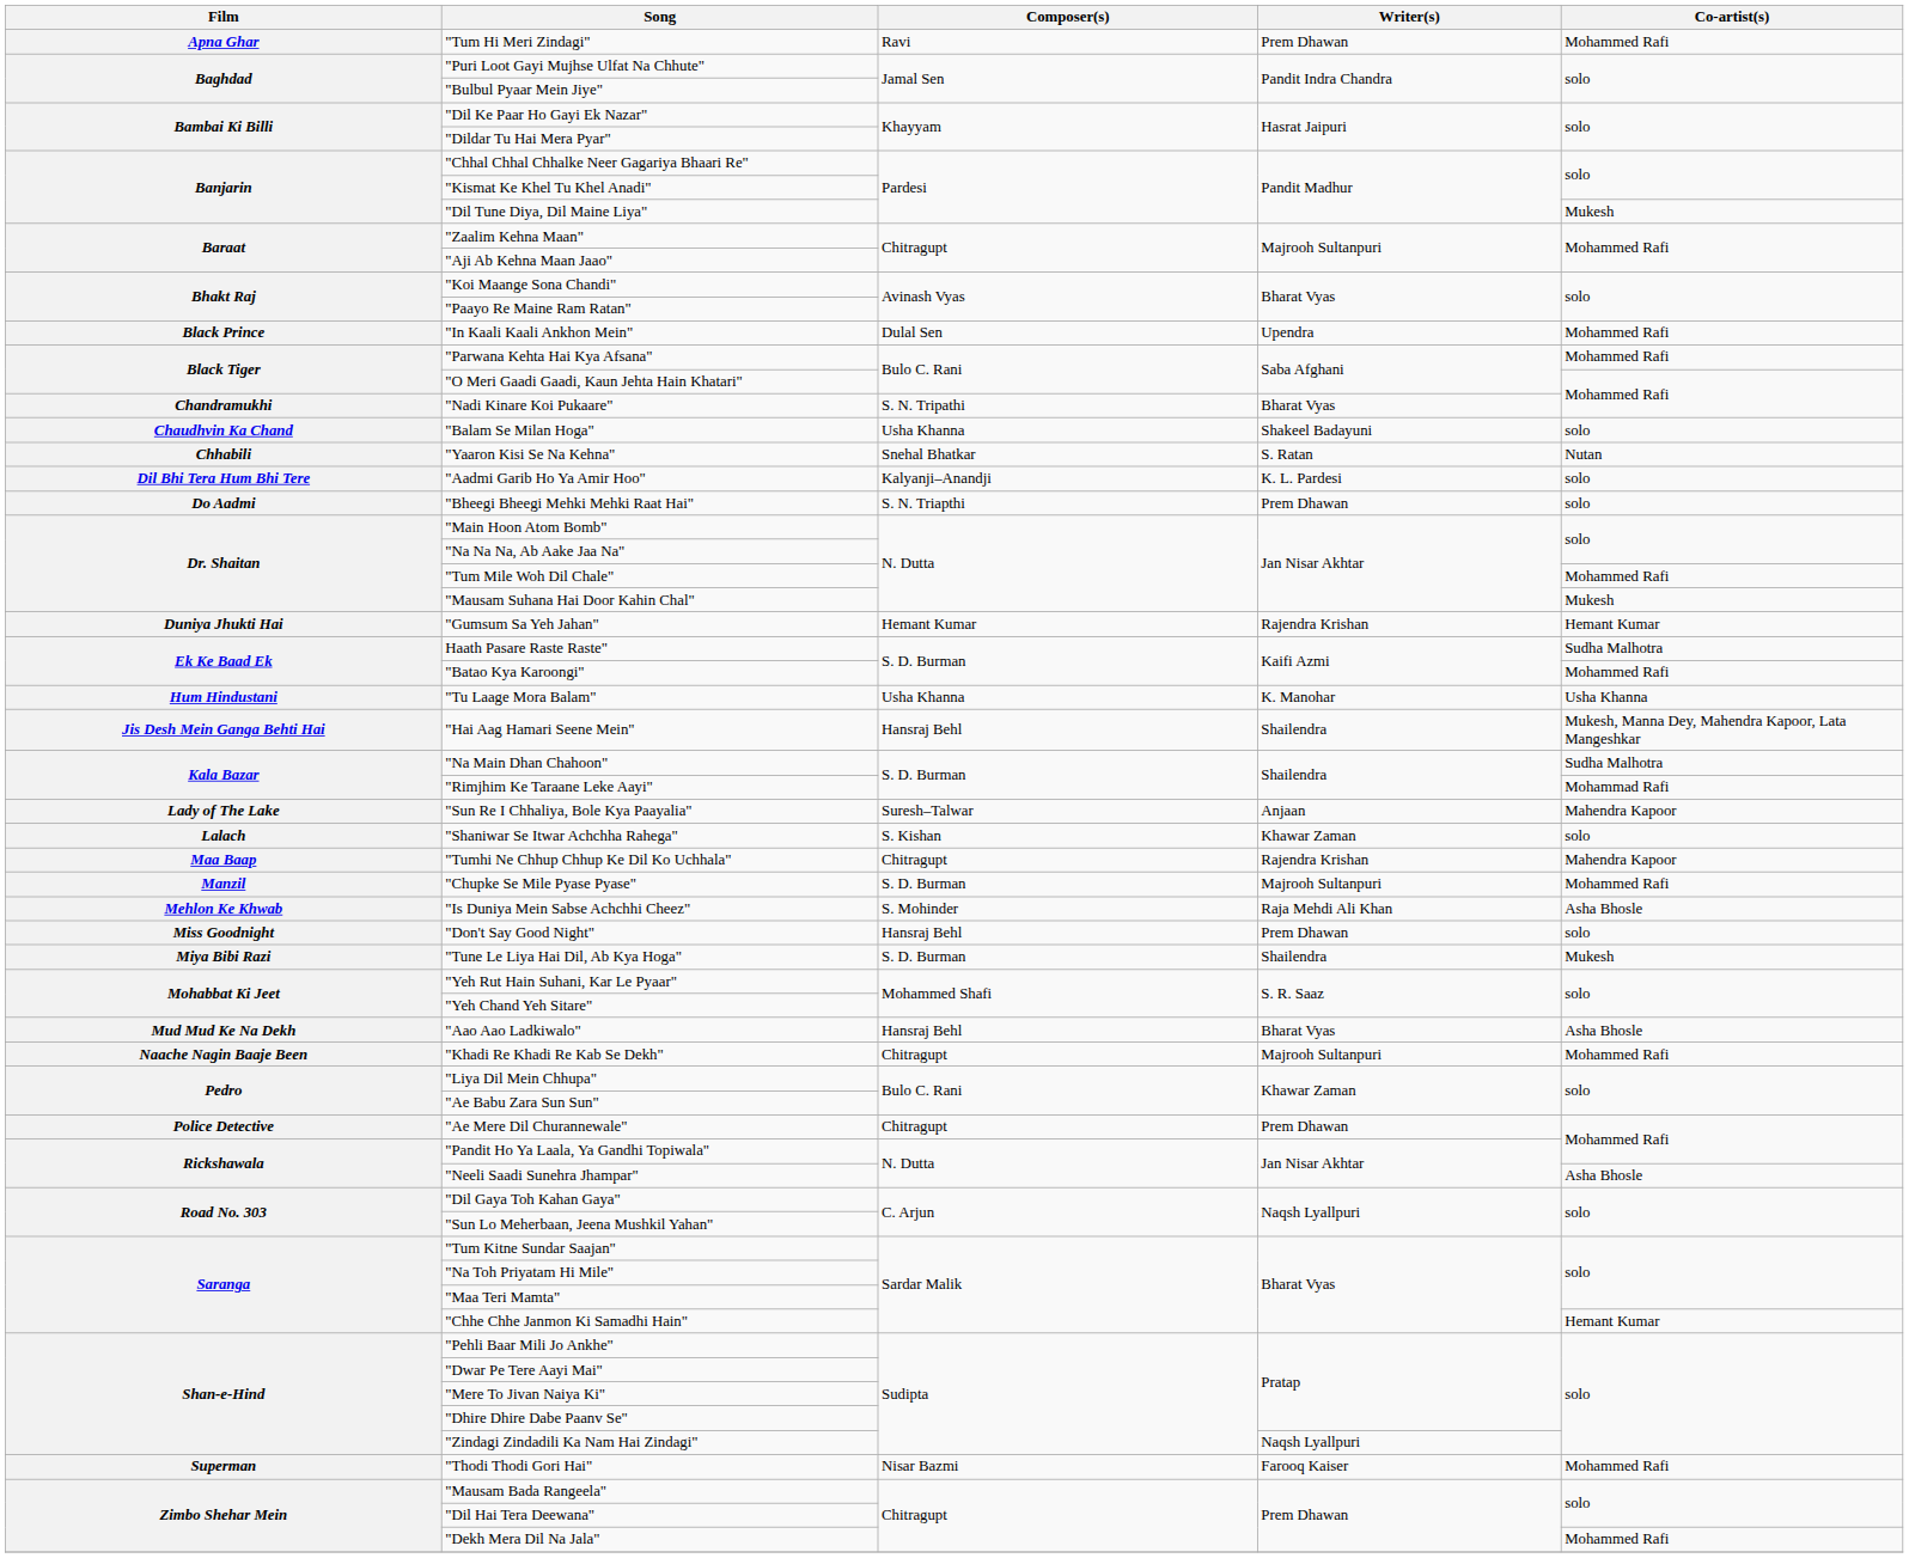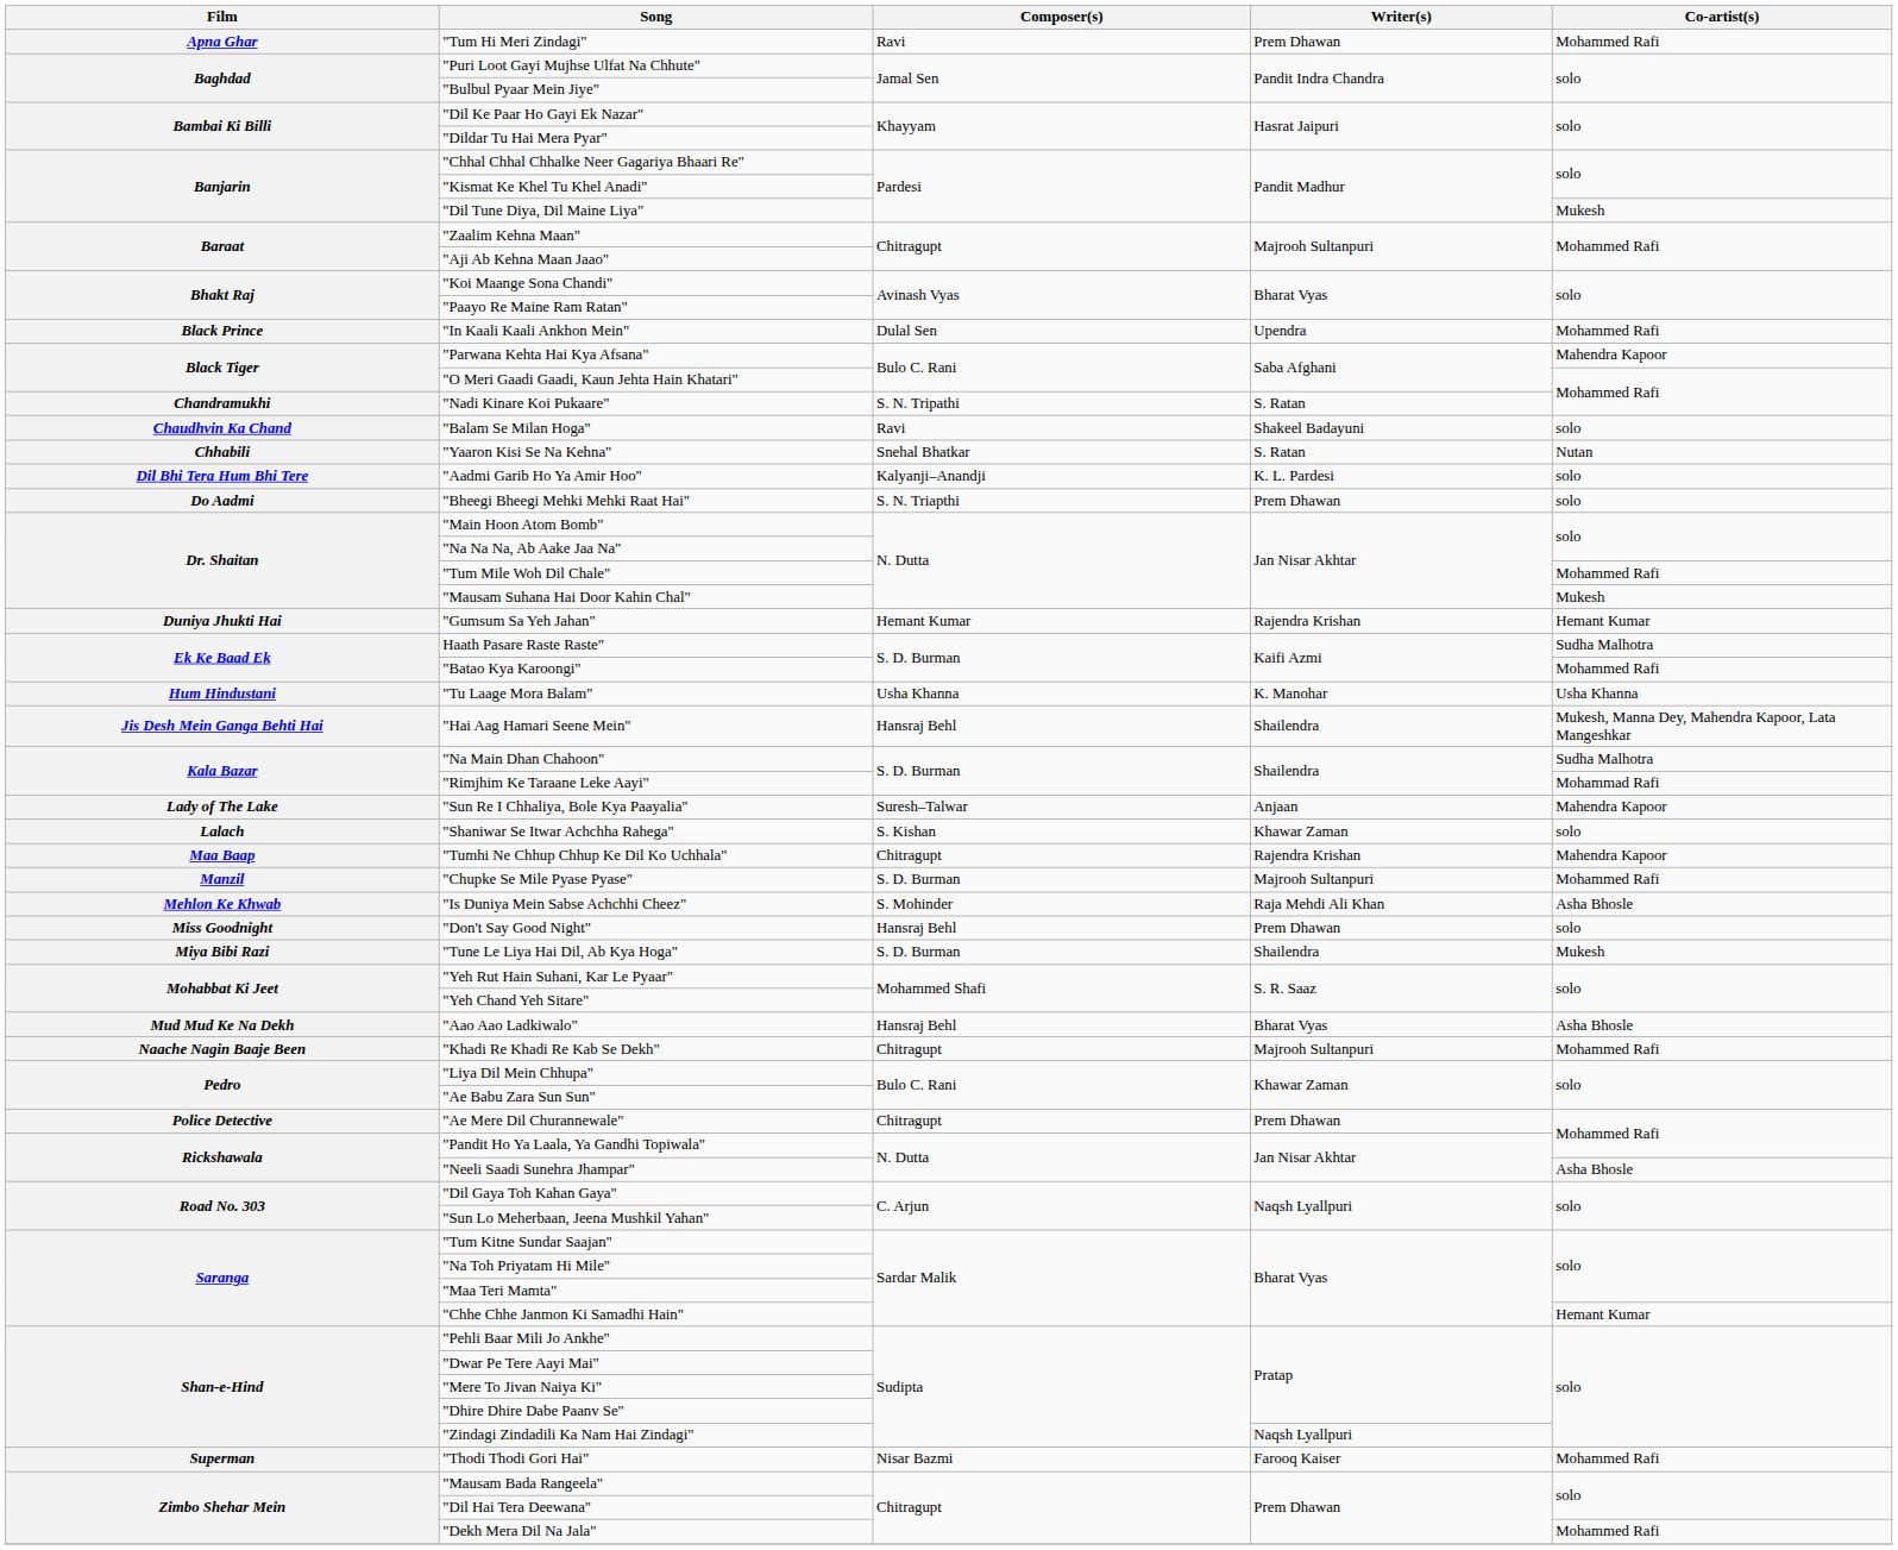 <table class="wikitable plainrowheaders" width="100%" textcolor:#000;">
 <tr style="background:#b0e0e66;">
 <th scope="col" width=23%><strong>Film</strong></th>
 <th scope="col" width=23%><strong>Song</strong></th>
 <th scope="col" width=20%><strong>Composer(s)</strong></th>
 <th scope="col" width=16%><strong>Writer(s)</strong></th>
 <th scope="col" width=18%><strong>Co-artist(s)</strong></th>
 </tr>
 <tr>
 <th><em><a href='#'>Apna Ghar</a></em></th>
 <td>"Tum Hi Meri Zindagi"</td>
 <td>Ravi</td>
 <td>Prem Dhawan</td>
 <td>Mohammed Rafi</td>
 </tr>
 <tr>
 <th rowspan=2><em>Baghdad</em></th>
 <td>"Puri Loot Gayi Mujhse Ulfat Na Chhute"</td>
 <td rowspan=2>Jamal Sen</td>
 <td rowspan=2>Pandit Indra Chandra</td>
 <td rowspan=2>solo</td>
 </tr>
 <tr>
 <td>"Bulbul Pyaar Mein Jiye"</td>
 </tr>
 <tr>
 <th Rowspan=2><em>Bambai Ki Billi</em></th>
 <td>"Dil Ke Paar Ho Gayi Ek Nazar"</td>
 <td rowspan=2>Khayyam</td>
 <td rowspan=2>Hasrat Jaipuri</td>
 <td rowspan=2>solo</td>
 </tr>
 <tr>
 <td>"Dildar Tu Hai Mera Pyar"</td>
 </tr>
 <tr>
 <th Rowspan=3><em>Banjarin</em></th>
 <td>"Chhal Chhal Chhalke Neer Gagariya Bhaari Re"</td>
 <td Rowspan=3>Pardesi</td>
 <td rowspan=3>Pandit Madhur</td>
 <td rowspan=2>solo</td>
 </tr>
 <tr>
 <td>"Kismat Ke Khel Tu Khel Anadi"</td>
 </tr>
 <tr>
 <td>"Dil Tune Diya, Dil Maine Liya"</td>
 <td>Mukesh</td>
 </tr>
 <tr>
 <th Rowspan=2><em>Baraat</em></th>
 <td>"Zaalim Kehna Maan"</td>
 <td rowspan=2>Chitragupt</td>
 <td rowspan=2>Majrooh Sultanpuri</td>
 <td rowspan=2>Mohammed Rafi</td>
 </tr>
 <tr>
 <td>"Aji Ab Kehna Maan Jaao"</td>
 </tr>
 <tr>
 <th rowspan=2><em>Bhakt Raj</em></th>
 <td>"Koi Maange Sona Chandi"</td>
 <td rowspan=2>Avinash Vyas</td>
 <td rowspan=2>Bharat Vyas</td>
 <td rowspan=2>solo</td>
 </tr>
 <tr>
 <td>"Paayo Re Maine Ram Ratan"</td>
 </tr>
 <tr>
 <th Rowspan=1><em>Black Prince</em></th>
 <td>"In Kaali Kaali Ankhon Mein"</td>
 <td>Dulal Sen</td>
 <td>Upendra</td>
 <td>Mohammed Rafi</td>
 </tr>
 <tr>
 <th Rowspan=2><em>Black Tiger</em></th>
 <td>"Parwana Kehta Hai Kya Afsana"</td>
 <td rowspan=2>Bulo C. Rani</td>
 <td rowspan=2>Saba Afghani</td>
-<td>Mohammed Rafi</td>
+<td>Mahendra Kapoor</td>
 </tr>
 <tr>
 <td>"O Meri Gaadi Gaadi, Kaun Jehta Hain Khatari"</td>
 <td rowspan=2>Mohammed Rafi</td>
 </tr>
 <tr>
 <th><em>Chandramukhi</em></th>
 <td>"Nadi Kinare Koi Pukaare"</td>
 <td>S. N. Tripathi</td>
-<td>Bharat Vyas</td>
+<td>S. Ratan</td>
 </tr>
 <tr>
 <th><em><a href='#'>Chaudhvin Ka Chand</a></em></th>
 <td>"Balam Se Milan Hoga"</td>
-<td>Usha Khanna</td>
+<td>Ravi</td>
 <td>Shakeel Badayuni</td>
 <td>solo</td>
 </tr>
 <tr>
 <th><em>Chhabili</em></th>
 <td>"Yaaron Kisi Se Na Kehna"</td>
 <td>Snehal Bhatkar</td>
 <td>S. Ratan</td>
 <td>Nutan</td>
 </tr>
 <tr>
 <th><em><a href='#'>Dil Bhi Tera Hum Bhi Tere</a></em></th>
 <td>"Aadmi Garib Ho Ya Amir Hoo"</td>
 <td>Kalyanji–Anandji</td>
 <td>K. L. Pardesi</td>
 <td>solo</td>
 </tr>
 <tr>
 <th><em>Do Aadmi</em></th>
 <td>"Bheegi Bheegi Mehki Mehki Raat Hai"</td>
 <td>S. N. Triapthi</td>
 <td>Prem Dhawan</td>
 <td>solo</td>
 </tr>
 <tr>
 <th Rowspan=4><em>Dr. Shaitan</em></th>
 <td>"Main Hoon Atom Bomb"</td>
 <td rowspan=4>N. Dutta</td>
 <td rowspan=4>Jan Nisar Akhtar</td>
 <td rowspan=2>solo</td>
 </tr>
 <tr>
 <td>"Na Na Na, Ab Aake Jaa Na"</td>
 </tr>
 <tr>
 <td>"Tum Mile Woh Dil Chale"</td>
 <td>Mohammed Rafi</td>
 </tr>
 <tr>
 <td>"Mausam Suhana Hai Door Kahin Chal"</td>
 <td>Mukesh</td>
 </tr>
 <tr>
 <th><em>Duniya Jhukti Hai</em></th>
 <td>"Gumsum Sa Yeh Jahan"</td>
 <td>Hemant Kumar</td>
 <td>Rajendra Krishan</td>
 <td>Hemant Kumar</td>
 </tr>
 <tr>
 <th Rowspan=2><em><a href='#'>Ek Ke Baad Ek</a></em></th>
 <td>Haath Pasare Raste Raste"</td>
 <td rowspan=2>S. D. Burman</td>
 <td rowspan=2>Kaifi Azmi</td>
 <td>Sudha Malhotra</td>
 </tr>
 <tr>
 <td>"Batao Kya Karoongi"</td>
 <td>Mohammed Rafi</td>
 </tr>
 <tr>
 <th><em><a href='#'>Hum Hindustani</a></em></th>
 <td>"Tu Laage Mora Balam"</td>
 <td>Usha Khanna</td>
 <td>K. Manohar</td>
 <td>Usha Khanna</td>
 </tr>
 <tr>
 <th><em><a href='#'>Jis Desh Mein Ganga Behti Hai</a></em></th>
 <td>"Hai Aag Hamari Seene Mein"</td>
 <td>Hansraj Behl</td>
 <td>Shailendra</td>
 <td>Mukesh, Manna Dey, Mahendra Kapoor, Lata Mangeshkar</td>
 </tr>
 <tr>
 <th rowspan=2><em><a href='#'>Kala Bazar</a></em></th>
 <td>"Na Main Dhan Chahoon"</td>
 <td rowspan=2>S. D. Burman</td>
 <td rowspan=2>Shailendra</td>
 <td>Sudha Malhotra</td>
 </tr>
 <tr>
 <td>"Rimjhim Ke Taraane Leke Aayi"</td>
 <td>Mohammad Rafi</td>
 </tr>
 <tr>
 <th><em>Lady of The Lake</em></th>
 <td>"Sun Re I Chhaliya, Bole Kya Paayalia"</td>
 <td>Suresh–Talwar</td>
 <td>Anjaan</td>
 <td>Mahendra Kapoor</td>
 </tr>
 <tr>
 <th><em>Lalach</em></th>
 <td>"Shaniwar Se Itwar Achchha Rahega"</td>
 <td>S. Kishan</td>
 <td>Khawar Zaman</td>
 <td>solo</td>
 </tr>
 <tr>
 <th><em><a href='#'>Maa Baap</a></em></th>
 <td>"Tumhi Ne Chhup Chhup Ke Dil Ko Uchhala"</td>
 <td>Chitragupt</td>
 <td>Rajendra Krishan</td>
 <td>Mahendra Kapoor</td>
 </tr>
 <tr>
 <th><em><a href='#'>Manzil</a></em></th>
 <td>"Chupke Se Mile Pyase Pyase"</td>
 <td>S. D. Burman</td>
 <td>Majrooh Sultanpuri</td>
 <td>Mohammed Rafi</td>
 </tr>
 <tr>
 <th><em><a href='#'>Mehlon Ke Khwab</a></em></th>
 <td>"Is Duniya Mein Sabse Achchhi Cheez"</td>
 <td>S. Mohinder</td>
 <td>Raja Mehdi Ali Khan</td>
 <td>Asha Bhosle</td>
 </tr>
 <tr>
 <th><em>Miss Goodnight</em></th>
 <td>"Don't Say Good Night"</td>
 <td>Hansraj Behl</td>
 <td>Prem Dhawan</td>
 <td>solo</td>
 </tr>
 <tr>
 <th><em>Miya Bibi Razi</em></th>
 <td>"Tune Le Liya Hai Dil, Ab Kya Hoga"</td>
 <td>S. D. Burman</td>
 <td>Shailendra</td>
 <td>Mukesh</td>
 </tr>
 <tr>
 <th Rowspan=2><em>Mohabbat Ki Jeet</em></th>
 <td>"Yeh Rut Hain Suhani, Kar Le Pyaar"</td>
 <td rowspan=2>Mohammed Shafi</td>
 <td rowspan=2>S. R. Saaz</td>
 <td rowspan=2>solo</td>
 </tr>
 <tr>
 <td>"Yeh Chand Yeh Sitare"</td>
 </tr>
 <tr>
 <th><em>Mud Mud Ke Na Dekh</em></th>
 <td>"Aao Aao Ladkiwalo"</td>
 <td>Hansraj Behl</td>
 <td>Bharat Vyas</td>
 <td>Asha Bhosle</td>
 </tr>
 <tr>
 <th><em>Naache Nagin Baaje Been</em></th>
 <td>"Khadi Re Khadi Re Kab Se Dekh"</td>
 <td>Chitragupt</td>
 <td>Majrooh Sultanpuri</td>
 <td>Mohammed Rafi</td>
 </tr>
 <tr>
 <th Rowspan=2><em>Pedro</em></th>
 <td>"Liya Dil Mein Chhupa"</td>
 <td rowspan=2>Bulo C. Rani</td>
 <td rowspan=2>Khawar Zaman</td>
 <td rowspan=2>solo</td>
 </tr>
 <tr>
 <td>"Ae Babu Zara Sun Sun"</td>
 </tr>
 <tr>
 <th><em>Police Detective</em></th>
 <td>"Ae Mere Dil Churannewale"</td>
 <td>Chitragupt</td>
 <td>Prem Dhawan</td>
 <td rowspan=2>Mohammed Rafi</td>
 </tr>
 <tr>
 <th Rowspan=2><em>Rickshawala</em></th>
 <td>"Pandit Ho Ya Laala, Ya Gandhi Topiwala"</td>
 <td rowspan=2>N. Dutta</td>
 <td rowspan=2>Jan Nisar Akhtar</td>
 </tr>
 <tr>
 <td>"Neeli Saadi Sunehra Jhampar"</td>
 <td>Asha Bhosle</td>
 </tr>
 <tr>
 <th Rowspan=2><em>Road No. 303</em></th>
 <td>"Dil Gaya Toh Kahan Gaya"</td>
 <td rowspan=2>C. Arjun</td>
 <td rowspan=2>Naqsh Lyallpuri</td>
 <td rowspan=2>solo</td>
 </tr>
 <tr>
 <td>"Sun Lo Meherbaan, Jeena Mushkil Yahan"</td>
 </tr>
 <tr>
 <th rowspan=4><em><a href='#'>Saranga</a></em></th>
 <td>"Tum Kitne Sundar Saajan"</td>
 <td rowspan=4>Sardar Malik</td>
 <td rowspan=4>Bharat Vyas</td>
 <td rowspan=3>solo</td>
 </tr>
 <tr>
 <td>"Na Toh Priyatam Hi Mile"</td>
 </tr>
 <tr>
 <td>"Maa Teri Mamta"</td>
 </tr>
 <tr>
 <td>"Chhe Chhe Janmon Ki Samadhi Hain"</td>
 <td>Hemant Kumar</td>
 </tr>
 <tr>
 <th Rowspan=5><em>Shan-e-Hind</em></th>
 <td>"Pehli Baar Mili Jo Ankhe"</td>
 <td rowspan=5>Sudipta</td>
 <td rowspan=4>Pratap</td>
 <td rowspan=5>solo</td>
 </tr>
 <tr>
 <td>"Dwar Pe Tere Aayi Mai"</td>
 </tr>
 <tr>
 <td>"Mere To Jivan Naiya Ki"</td>
 </tr>
 <tr>
 <td>"Dhire Dhire Dabe Paanv Se"</td>
 </tr>
 <tr>
 <td>"Zindagi Zindadili Ka Nam Hai Zindagi"</td>
 <td>Naqsh Lyallpuri</td>
 </tr>
 <tr>
 <th Rowspan=1><em>Superman</em></th>
 <td>"Thodi Thodi Gori Hai"</td>
 <td>Nisar Bazmi</td>
 <td>Farooq Kaiser</td>
 <td>Mohammed Rafi</td>
 </tr>
 <tr>
 <th Rowspan=3><em>Zimbo Shehar Mein</em></th>
 <td>"Mausam Bada Rangeela"</td>
 <td rowspan=3>Chitragupt</td>
 <td rowspan=3>Prem Dhawan</td>
 <td rowspan=2>solo</td>
 </tr>
 <tr>
 <td>"Dil Hai Tera Deewana"</td>
 </tr>
 <tr>
 <td>"Dekh Mera Dil Na Jala"</td>
 <td>Mohammed Rafi</td>
 </tr>
 <tr>
 </tr>
 </table>
